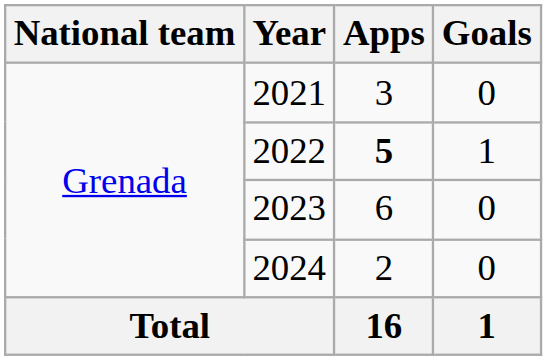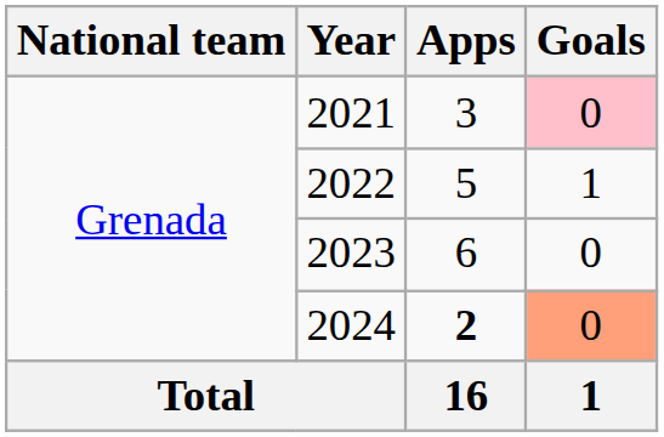 <table class="wikitable" style="text-align:center">
 <tr>
 <th>National team</th>
 <th>Year</th>
 <th>Apps</th>
 <th>Goals</th>
 </tr>
 <tr>
 <td rowspan="4"><a href='#'>Grenada</a></td>
 <td>2021</td>
 <td>3</td>
-<td>0</td>
+<td style="background: pink;">0</td>
 </tr>
 <tr>
 <td>2022</td>
-<td><strong>5</strong></td>
+<td>5</td>
 <td>1</td>
 </tr>
 <tr>
 <td>2023</td>
 <td>6</td>
 <td>0</td>
 </tr>
 <tr>
 <td>2024</td>
-<td>2</td>
-<td>0</td>
+<td><strong>2</strong></td>
+<td style="background: lightsalmon;">0</td>
 </tr>
 <tr>
 <th colspan="2">Total</th>
 <th>16</th>
 <th>1</th>
 </tr>
 </table>
